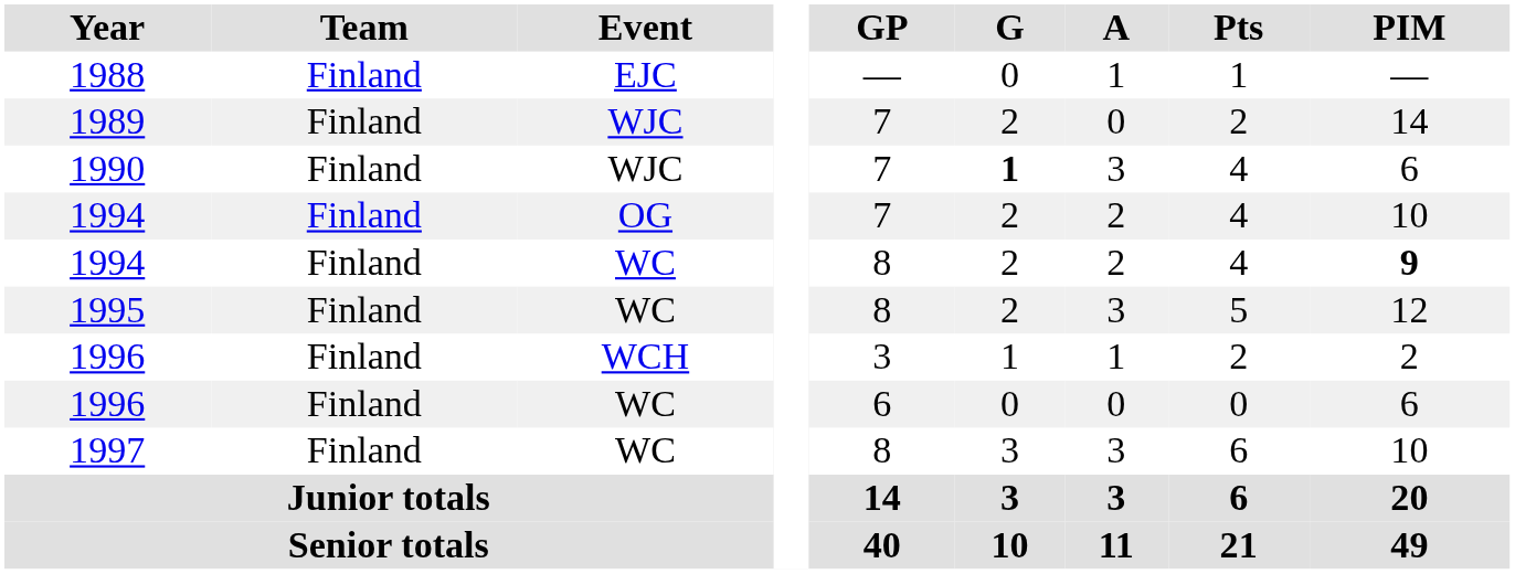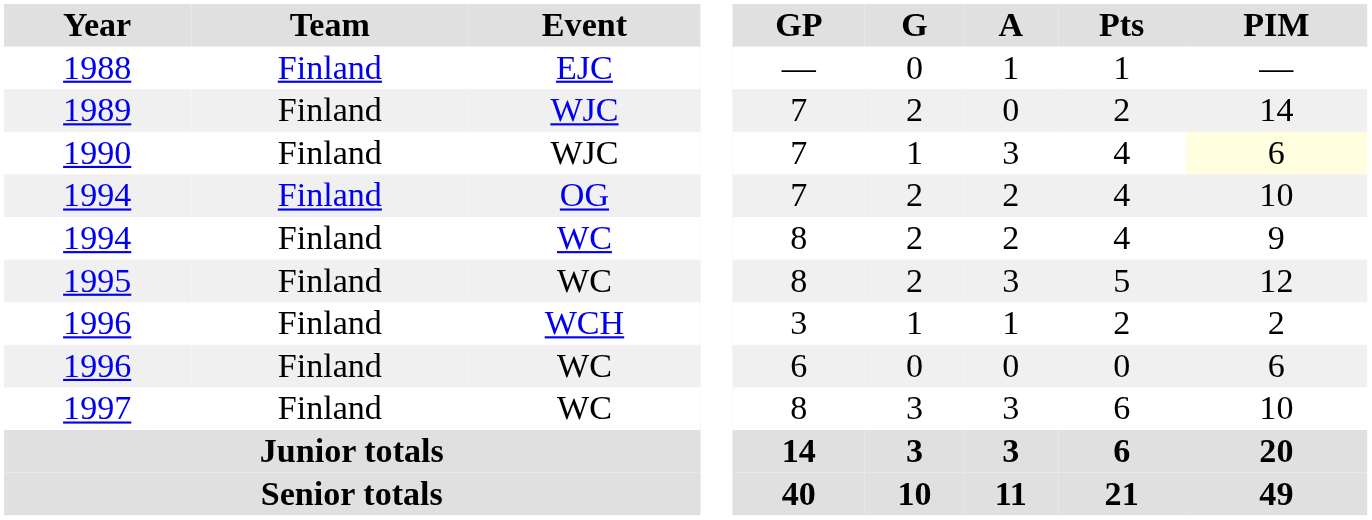 <table border="0" cellpadding="1" cellspacing="0" style="text-align:center; width:40em">
 <tr ALIGN="center" bgcolor="#e0e0e0">
 <th>Year</th>
 <th>Team</th>
 <th>Event</th>
 <th rowspan="99" bgcolor="#ffffff"> </th>
 <th>GP</th>
 <th>G</th>
 <th>A</th>
 <th>Pts</th>
 <th>PIM</th>
 </tr>
 <tr>
 <td><a href='#'>1988</a></td>
 <td><a href='#'>Finland</a></td>
 <td><a href='#'>EJC</a></td>
 <td>—</td>
 <td>0</td>
 <td>1</td>
 <td>1</td>
 <td>—</td>
 </tr>
 <tr bgcolor="#f0f0f0">
 <td><a href='#'>1989</a></td>
 <td>Finland</td>
 <td><a href='#'>WJC</a></td>
 <td>7</td>
 <td>2</td>
 <td>0</td>
 <td>2</td>
 <td>14</td>
 </tr>
 <tr>
 <td><a href='#'>1990</a></td>
 <td>Finland</td>
 <td>WJC</td>
 <td>7</td>
-<td><strong>1</strong></td>
+<td>1</td>
 <td>3</td>
 <td>4</td>
-<td>6</td>
+<td style="background: lightyellow;">6</td>
 </tr>
 <tr bgcolor="#f0f0f0">
 <td><a href='#'>1994</a></td>
 <td><a href='#'>Finland</a></td>
 <td><a href='#'>OG</a></td>
 <td>7</td>
 <td>2</td>
 <td>2</td>
 <td>4</td>
 <td>10</td>
 </tr>
 <tr>
 <td><a href='#'>1994</a></td>
 <td>Finland</td>
 <td><a href='#'>WC</a></td>
 <td>8</td>
 <td>2</td>
 <td>2</td>
 <td>4</td>
-<td><strong>9</strong></td>
+<td>9</td>
 </tr>
 <tr bgcolor="#f0f0f0">
 <td><a href='#'>1995</a></td>
 <td>Finland</td>
 <td>WC</td>
 <td>8</td>
 <td>2</td>
 <td>3</td>
 <td>5</td>
 <td>12</td>
 </tr>
 <tr>
 <td><a href='#'>1996</a></td>
 <td>Finland</td>
 <td><a href='#'>WCH</a></td>
 <td>3</td>
 <td>1</td>
 <td>1</td>
 <td>2</td>
 <td>2</td>
 </tr>
 <tr bgcolor="#f0f0f0">
 <td><a href='#'>1996</a></td>
 <td>Finland</td>
 <td>WC</td>
 <td>6</td>
 <td>0</td>
 <td>0</td>
 <td>0</td>
 <td>6</td>
 </tr>
 <tr>
 <td><a href='#'>1997</a></td>
 <td>Finland</td>
 <td>WC</td>
 <td>8</td>
 <td>3</td>
 <td>3</td>
 <td>6</td>
 <td>10</td>
 </tr>
 <tr bgcolor="#e0e0e0">
 <th colspan=3>Junior totals</th>
 <th>14</th>
 <th>3</th>
 <th>3</th>
 <th>6</th>
 <th>20</th>
 </tr>
 <tr bgcolor="#e0e0e0">
 <th colspan=3>Senior totals</th>
 <th>40</th>
 <th>10</th>
 <th>11</th>
 <th>21</th>
 <th>49</th>
 </tr>
 </table>
